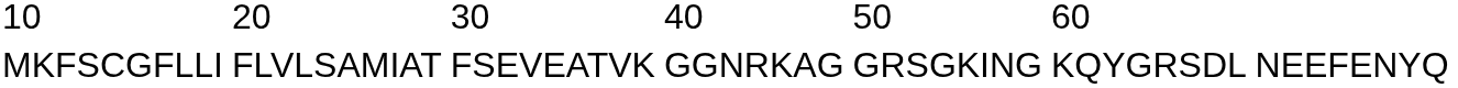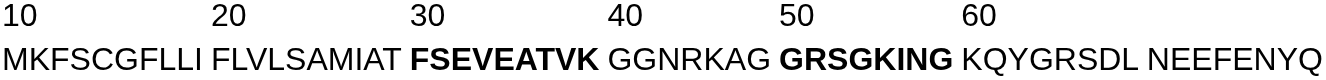 <table>
 <tr>
 <td>10</td>
 <td>20</td>
 <td>30</td>
 <td>40</td>
 <td>50</td>
 <td>60</td>
 </tr>
 <tr>
 <td>MKFSCGFLLI</td>
 <td>FLVLSAMIAT</td>
-<td>FSEVEATVK</td>
+<td><strong>FSEVEATVK</strong></td>
 <td>GGNRKAG</td>
-<td>GRSGKING</td>
+<td><strong>GRSGKING</strong></td>
 <td>KQYGRSDL NEEFENYQ</td>
 </tr>
 </table>
